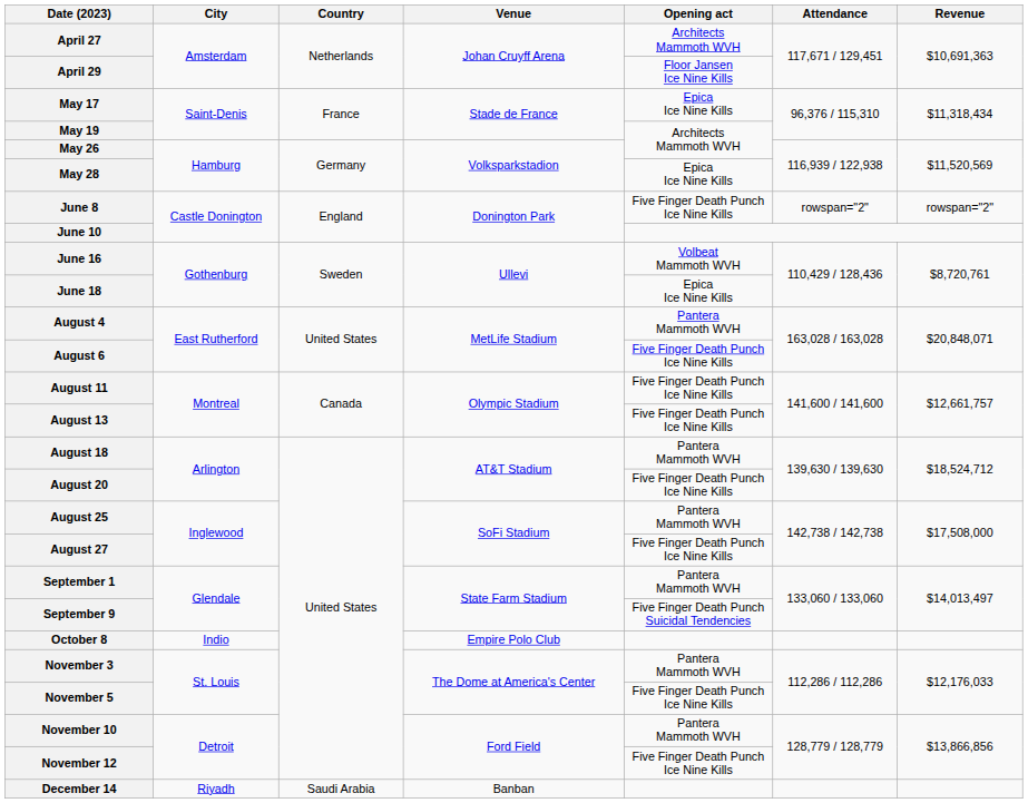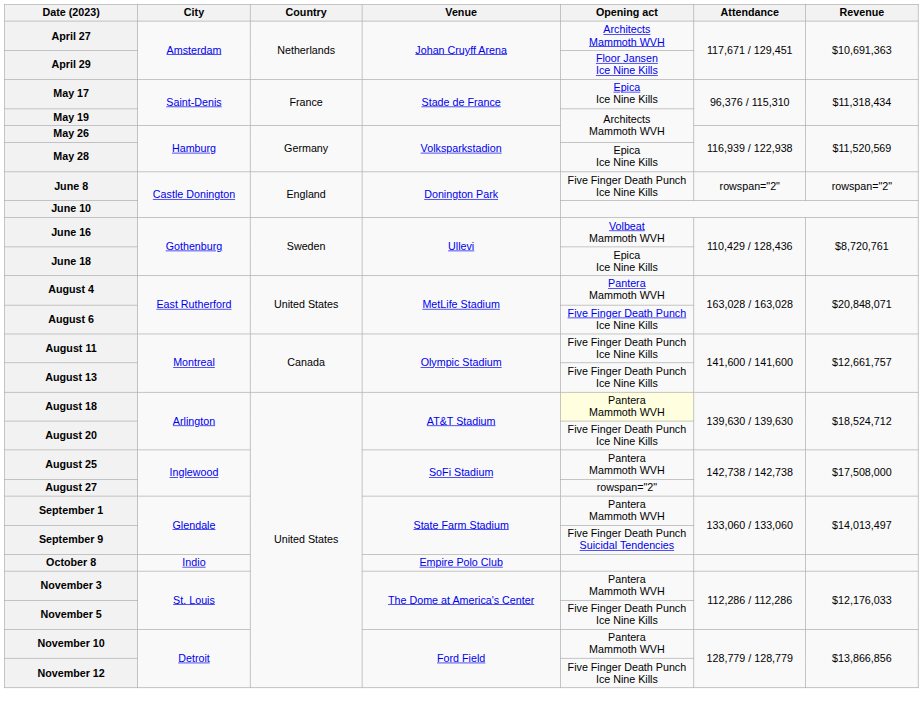 <table class="wikitable plainrowheaders" style="text-align:center;">
 <tr>
 <th scope="col" style="width:12em;">Date (2023)</th>
 <th scope="col" style="width:10em;">City</th>
 <th scope="col" style="width:10em;">Country</th>
 <th scope="col" style="width:18em;">Venue</th>
 <th scope="col" style="width:12em;">Opening act</th>
 <th scope="col" style="width:10em;">Attendance</th>
 <th scope="col" style="width:10em;">Revenue</th>
 </tr>
 <tr>
 <th scope="row" style="text-align:center;">April 27</th>
 <td rowspan="2"><a href='#'>Amsterdam</a></td>
 <td rowspan="2">Netherlands</td>
 <td rowspan="2"><a href='#'>Johan Cruyff Arena</a></td>
 <td><a href='#'>Architects</a><br><a href='#'>Mammoth WVH</a></td>
 <td rowspan="2">117,671 / 129,451</td>
 <td rowspan="2">$10,691,363</td>
 </tr>
 <tr>
 <th scope="row" style="text-align:center;">April 29</th>
 <td><a href='#'>Floor Jansen</a><br><a href='#'>Ice Nine Kills</a></td>
 </tr>
 <tr>
 <th scope="row" style="text-align:center;">May 17</th>
 <td rowspan="2"><a href='#'>Saint-Denis</a></td>
 <td rowspan="2">France</td>
 <td rowspan="2"><a href='#'>Stade de France</a></td>
 <td><a href='#'>Epica</a><br>Ice Nine Kills</td>
 <td rowspan="2">96,376 / 115,310</td>
 <td rowspan="2">$11,318,434</td>
 </tr>
 <tr>
 <th scope="row" style="text-align:center;">May 19</th>
 <td rowspan="2">Architects<br>Mammoth WVH</td>
 </tr>
 <tr>
 <th scope="row" style="text-align:center;">May 26</th>
 <td rowspan="2"><a href='#'>Hamburg</a></td>
 <td rowspan="2">Germany</td>
 <td rowspan="2"><a href='#'>Volksparkstadion</a></td>
 <td rowspan="2">116,939 / 122,938</td>
 <td rowspan="2">$11,520,569</td>
 </tr>
 <tr>
 <th scope="row" style="text-align:center;">May 28</th>
 <td>Epica<br>Ice Nine Kills</td>
 </tr>
 <tr>
 <th scope="row" style="text-align:center;">June 8</th>
 <td rowspan="2"><a href='#'>Castle Donington</a></td>
 <td rowspan="2">England</td>
 <td rowspan="2"><a href='#'>Donington Park</a></td>
 <td>Five Finger Death Punch<br>Ice Nine Kills</td>
 <td>rowspan="2" </td>
 <td>rowspan="2" </td>
 </tr>
 <tr>
 <th scope="row" style="text-align:center;">June 10</th>
 </tr>
 <tr>
 <th scope="row" style="text-align:center;">June 16</th>
 <td rowspan="2"><a href='#'>Gothenburg</a></td>
 <td rowspan="2">Sweden</td>
 <td rowspan="2"><a href='#'>Ullevi</a></td>
 <td><a href='#'>Volbeat</a><br>Mammoth WVH</td>
 <td rowspan="2">110,429 / 128,436</td>
 <td rowspan="2">$8,720,761</td>
 </tr>
 <tr>
 <th scope="row" style="text-align:center;">June 18</th>
 <td>Epica<br>Ice Nine Kills</td>
 </tr>
 <tr>
 <th scope="row" style="text-align:center;">August 4</th>
 <td rowspan="2"><a href='#'>East Rutherford</a></td>
 <td rowspan="2">United States</td>
 <td rowspan="2"><a href='#'>MetLife Stadium</a></td>
 <td><a href='#'>Pantera</a><br>Mammoth WVH</td>
 <td rowspan="2">163,028 / 163,028</td>
 <td rowspan="2">$20,848,071</td>
 </tr>
 <tr>
 <th scope="row" style="text-align:center;">August 6</th>
 <td><a href='#'>Five Finger Death Punch</a><br>Ice Nine Kills</td>
 </tr>
 <tr>
 <th scope="row" style="text-align:center;">August 11</th>
 <td rowspan="2"><a href='#'>Montreal</a></td>
 <td rowspan="2">Canada</td>
 <td rowspan="2"><a href='#'>Olympic Stadium</a></td>
 <td>Five Finger Death Punch<br>Ice Nine Kills</td>
 <td rowspan="2">141,600 / 141,600</td>
 <td rowspan="2">$12,661,757</td>
 </tr>
 <tr>
 <th scope="row" style="text-align:center;">August 13</th>
 <td>Five Finger Death Punch<br>Ice Nine Kills</td>
 </tr>
 <tr>
 <th scope="row" style="text-align:center;">August 18</th>
 <td rowspan="2"><a href='#'>Arlington</a></td>
 <td rowspan="11">United States</td>
 <td rowspan="2"><a href='#'>AT&T Stadium</a></td>
-<td>Pantera<br>Mammoth WVH</td>
+<td style="background: lightyellow;">Pantera<br>Mammoth WVH</td>
 <td rowspan="2">139,630 / 139,630</td>
 <td rowspan="2">$18,524,712</td>
 </tr>
 <tr>
 <th scope="row" style="text-align:center;">August 20</th>
 <td>Five Finger Death Punch<br>Ice Nine Kills</td>
 </tr>
 <tr>
 <th scope="row" style="text-align:center;">August 25</th>
 <td rowspan="2"><a href='#'>Inglewood</a></td>
 <td rowspan="2"><a href='#'>SoFi Stadium</a></td>
 <td>Pantera<br>Mammoth WVH</td>
 <td rowspan="2">142,738 / 142,738</td>
 <td rowspan="2">$17,508,000</td>
 </tr>
 <tr>
 <th scope="row" style="text-align:center;">August 27</th>
-<td>Five Finger Death Punch<br>Ice Nine Kills</td>
+<td>rowspan="2" </td>
 </tr>
 <tr>
 <th scope="row" style="text-align:center;">September 1</th>
 <td rowspan="2"><a href='#'>Glendale</a></td>
 <td rowspan="2"><a href='#'>State Farm Stadium</a></td>
 <td>Pantera<br>Mammoth WVH</td>
 <td rowspan="2">133,060 / 133,060</td>
 <td rowspan="2">$14,013,497</td>
 </tr>
 <tr>
 <th scope="row" style="text-align:center;">September 9</th>
 <td>Five Finger Death Punch<br><a href='#'>Suicidal Tendencies</a></td>
 </tr>
 <tr>
 <th scope="row" style="text-align:center;">October 8</th>
 <td><a href='#'>Indio</a></td>
 <td><a href='#'>Empire Polo Club</a></td>
 <td></td>
 <td></td>
 <td></td>
 </tr>
 <tr>
 <th scope="row" style="text-align:center;">November 3</th>
 <td rowspan="2"><a href='#'>St. Louis</a></td>
 <td rowspan="2"><a href='#'>The Dome at America's Center</a></td>
 <td>Pantera<br>Mammoth WVH</td>
 <td rowspan="2">112,286 / 112,286</td>
 <td rowspan="2">$12,176,033</td>
 </tr>
 <tr>
 <th scope="row" style="text-align:center;">November 5</th>
 <td>Five Finger Death Punch<br>Ice Nine Kills</td>
 </tr>
 <tr>
 <th scope="row" style="text-align:center;">November 10</th>
 <td rowspan="2"><a href='#'>Detroit</a></td>
 <td rowspan="2"><a href='#'>Ford Field</a></td>
 <td>Pantera<br>Mammoth WVH</td>
 <td rowspan="2">128,779 / 128,779</td>
 <td rowspan="2">$13,866,856</td>
 </tr>
 <tr>
 <th scope="row" style="text-align:center;">November 12</th>
 <td>Five Finger Death Punch<br>Ice Nine Kills</td>
 </tr>
-<tr>
-<th scope="row" style="text-align:center;">December 14</th>
-<td><a href='#'>Riyadh</a></td>
-<td>Saudi Arabia</td>
-<td>Banban</td>
-<td></td>
-<td></td>
-<td></td>
-</tr>
 </table>
